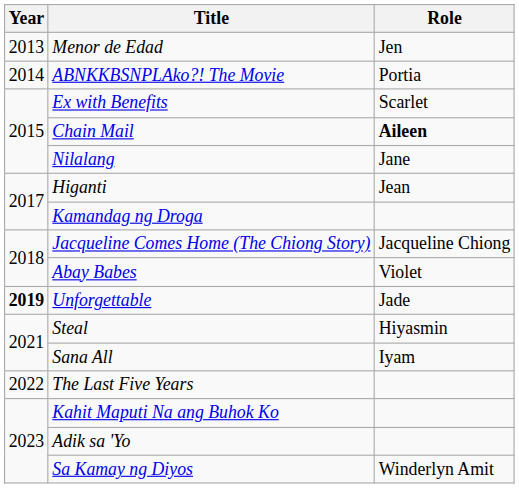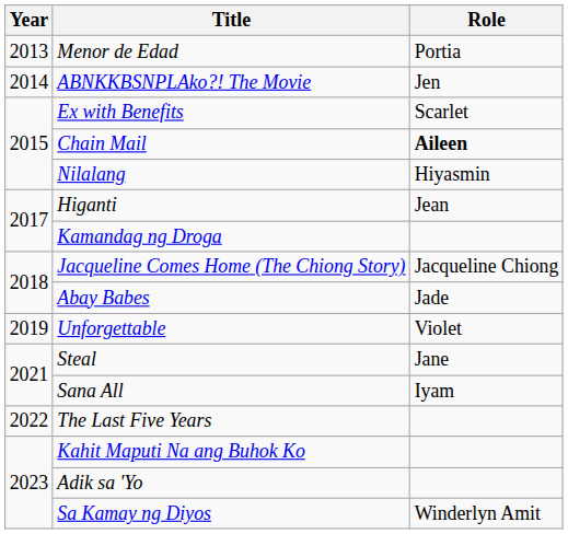 <table class="wikitable">
 <tr>
 <th>Year</th>
 <th>Title</th>
 <th>Role</th>
 </tr>
 <tr>
 <td>2013</td>
 <td><em>Menor de Edad</em></td>
-<td>Jen</td>
+<td>Portia</td>
 </tr>
 <tr>
 <td>2014</td>
 <td><em><a href='#'>ABNKKBSNPLAko?! The Movie</a></em></td>
-<td>Portia</td>
+<td>Jen</td>
 </tr>
 <tr>
 <td rowspan="3">2015</td>
 <td><em><a href='#'>Ex with Benefits</a></em></td>
 <td>Scarlet</td>
 </tr>
 <tr>
 <td><em><a href='#'>Chain Mail</a></em></td>
 <td><strong>Aileen</strong></td>
 </tr>
 <tr>
 <td><em><a href='#'>Nilalang</a></em></td>
-<td>Jane</td>
+<td>Hiyasmin</td>
 </tr>
 <tr>
 <td rowspan="2">2017</td>
 <td><em>Higanti</em></td>
 <td>Jean</td>
 </tr>
 <tr>
 <td><em><a href='#'>Kamandag ng Droga</a></em></td>
 <td></td>
 </tr>
 <tr>
 <td rowspan="2">2018</td>
 <td><em><a href='#'>Jacqueline Comes Home (The Chiong Story)</a></em></td>
 <td>Jacqueline Chiong</td>
 </tr>
 <tr>
 <td><em><a href='#'>Abay Babes</a></em></td>
-<td>Violet</td>
+<td>Jade</td>
 </tr>
 <tr>
-<td><strong>2019</strong></td>
+<td>2019</td>
 <td><em><a href='#'>Unforgettable</a></em></td>
-<td>Jade</td>
+<td>Violet</td>
 </tr>
 <tr>
 <td rowspan="2">2021</td>
 <td><em>Steal</em></td>
-<td>Hiyasmin</td>
+<td>Jane</td>
 </tr>
 <tr>
 <td><em>Sana All</em></td>
 <td>Iyam</td>
 </tr>
 <tr>
 <td>2022</td>
 <td><em>The Last Five Years</em></td>
 <td></td>
 </tr>
 <tr>
 <td rowspan="3">2023</td>
 <td><em><a href='#'>Kahit Maputi Na ang Buhok Ko</a></em></td>
 <td></td>
 </tr>
 <tr>
 <td><em>Adik sa 'Yo</em></td>
 <td></td>
 </tr>
 <tr>
 <td><em><a href='#'>Sa Kamay ng Diyos</a></em></td>
 <td>Winderlyn Amit</td>
 </tr>
 </table>
